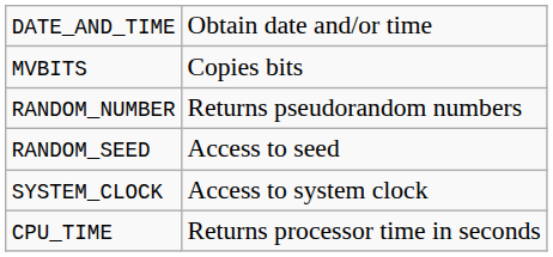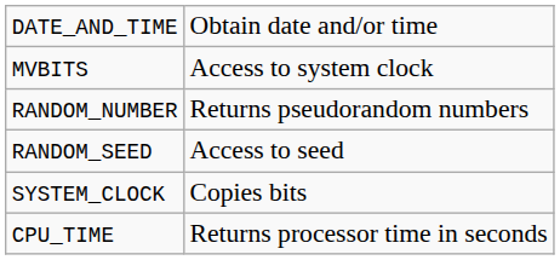 <table class="wikitable">
 <tr>
 <td><code>DATE_AND_TIME</code></td>
 <td>Obtain date and/or time</td>
 </tr>
 <tr>
 <td><code>MVBITS</code></td>
-<td>Copies bits</td>
+<td>Access to system clock</td>
 </tr>
 <tr>
 <td><code>RANDOM_NUMBER</code></td>
 <td>Returns pseudorandom numbers</td>
 </tr>
 <tr>
 <td><code>RANDOM_SEED</code></td>
 <td>Access to seed</td>
 </tr>
 <tr>
 <td><code>SYSTEM_CLOCK</code></td>
-<td>Access to system clock</td>
+<td>Copies bits</td>
 </tr>
 <tr>
 <td><code>CPU_TIME</code></td>
 <td>Returns processor time in seconds</td>
 </tr>
 </table>
